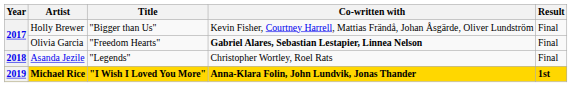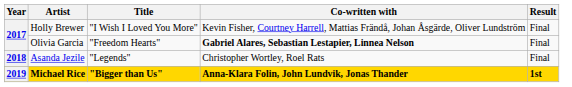 <table class="wikitable plainrowheaders">
 <tr>
 <th scope="col">Year</th>
 <th scope="col">Artist</th>
 <th scope="col">Title</th>
 <th scope="col">Co-written with</th>
 <th scope="col">Result</th>
 </tr>
 <tr>
 <th scope="row" rowspan="2"><a href='#'>2017</a></th>
 <td>Holly Brewer</td>
-<td>"Bigger than Us"</td>
+<td>"I Wish I Loved You More"</td>
 <td>Kevin Fisher, <a href='#'>Courtney Harrell</a>, Mattias Frändå, Johan Åsgärde, Oliver Lundström</td>
 <td>Final</td>
 </tr>
 <tr>
 <td>Olivia Garcia</td>
 <td>"Freedom Hearts"</td>
 <td><strong>Gabriel Alares, Sebastian Lestapier, Linnea Nelson</strong></td>
 <td>Final</td>
 </tr>
 <tr>
 <th scope="row"><a href='#'>2018</a></th>
 <td><a href='#'>Asanda Jezile</a></td>
 <td>"Legends"</td>
 <td>Christopher Wortley, Roel Rats</td>
 <td>Final</td>
 </tr>
 <tr bgcolor="gold" style="font-weight:bold;">
 <th scope="row"><a href='#'>2019</a></th>
 <td>Michael Rice</td>
-<td>"I Wish I Loved You More"</td>
+<td>"Bigger than Us"</td>
 <td>Anna-Klara Folin, John Lundvik, Jonas Thander</td>
 <td>1st</td>
 </tr>
 </table>
